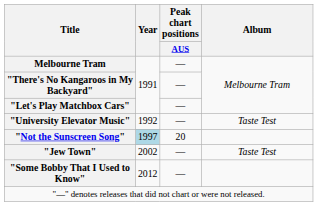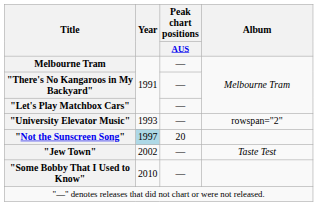 <table class="wikitable plainrowheaders" style="text-align:center;">
 <tr>
 <th scope="col" rowspan="2" style="width:13em;">Title</th>
 <th scope="col" rowspan="2" style="width:1em;">Year</th>
 <th scope="col" colspan="1">Peak chart positions</th>
 <th scope="col" rowspan="2" style="width:11em;">Album</th>
 </tr>
 <tr>
 <th scope="col" style="width:3em;font-size:90%;"><a href='#'>AUS</a><br></th>
 </tr>
 <tr>
 <th scope="row">Melbourne Tram</th>
 <td rowspan="3">1991</td>
 <td>—</td>
 <td rowspan="3"><em>Melbourne Tram</em></td>
 </tr>
 <tr>
 <th scope="row">"There's No Kangaroos in My Backyard"</th>
 <td>—</td>
 </tr>
 <tr>
 <th scope="row">"Let's Play Matchbox Cars"</th>
 <td>—</td>
 </tr>
 <tr>
 <th scope="row">"University Elevator Music"</th>
-<td>1992</td>
+<td>1993</td>
 <td>—</td>
-<td rowspan="1"><em>Taste Test</em></td>
+<td>rowspan="2" </td>
 </tr>
 <tr>
 <th scope="row">"<a href='#'>Not the Sunscreen Song</a>"</th>
 <td style="background: lightblue;">1997</td>
 <td>20</td>
 </tr>
 <tr>
 <th scope="row">"Jew Town"</th>
 <td rowspan="1">2002</td>
 <td>—</td>
 <td rowspan="1"><em>Taste Test</em></td>
 </tr>
 <tr>
 <th scope="row">"Some Bobby That I Used to Know" <br> </th>
-<td rowspan="1">2012</td>
+<td rowspan="1">2010</td>
 <td>—</td>
 </tr>
 <tr>
 <td align="center" colspan="6" style="font-size:90%">"—" denotes releases that did not chart or were not released.</td>
 </tr>
 </table>
